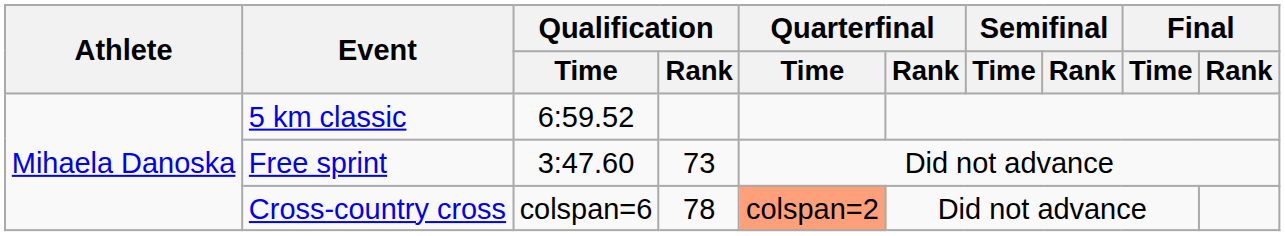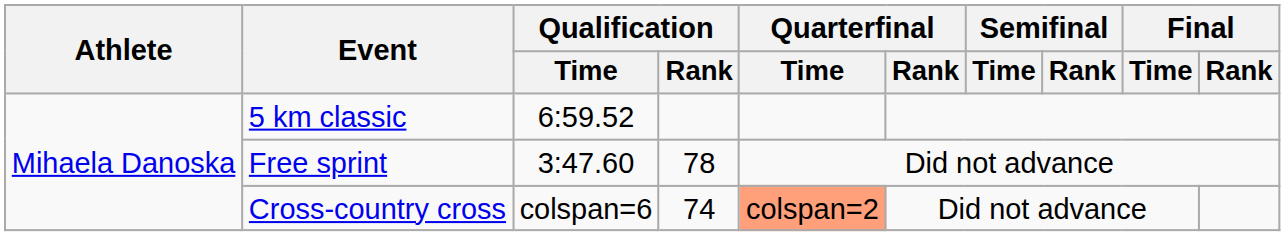 <table class="wikitable" style="font-size:90%">
 <tr>
 <th rowspan="2">Athlete</th>
 <th rowspan="2">Event</th>
 <th colspan="2">Qualification</th>
 <th colspan="2">Quarterfinal</th>
 <th colspan="2">Semifinal</th>
 <th colspan="2">Final</th>
 </tr>
 <tr style="font-size:95%">
 <th>Time</th>
 <th>Rank</th>
 <th>Time</th>
 <th>Rank</th>
 <th>Time</th>
 <th>Rank</th>
 <th>Time</th>
 <th>Rank</th>
 </tr>
 <tr align=center>
 <td align=left rowspan=3><a href='#'>Mihaela Danoska</a></td>
 <td align=left><a href='#'>5 km classic</a></td>
 <td>6:59.52</td>
 <td></td>
 <td></td>
 </tr>
 <tr align=center>
 <td align=left><a href='#'>Free sprint</a></td>
 <td>3:47.60</td>
-<td>73</td>
+<td>78</td>
 <td colspan=6>Did not advance</td>
 </tr>
 <tr align=center>
 <td align=left><a href='#'>Cross-country cross</a></td>
 <td>colspan=6 </td>
-<td>78</td>
+<td>74</td>
 <td style="background: lightsalmon;">colspan=2 </td>
 <td colspan=4>Did not advance</td>
 </tr>
 </table>
